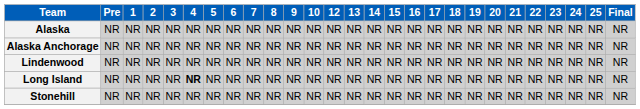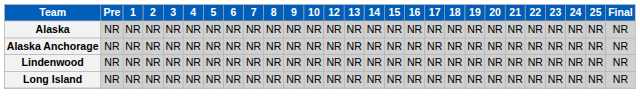 <table class="wikitable sortable" style="text-align: center;">
 <tr>
 <th style="color:white; background:#005EB8">Team</th>
 <th style="color:white; background:#005EB8">Pre</th>
 <th style="color:white; background:#005EB8">1</th>
 <th style="color:white; background:#005EB8">2</th>
 <th style="color:white; background:#005EB8">3</th>
 <th style="color:white; background:#005EB8">4</th>
 <th style="color:white; background:#005EB8">5</th>
 <th style="color:white; background:#005EB8">6</th>
 <th style="color:white; background:#005EB8">7</th>
 <th style="color:white; background:#005EB8">8</th>
 <th style="color:white; background:#005EB8">9</th>
 <th style="color:white; background:#005EB8">10</th>
 <th style="color:white; background:#005EB8">12</th>
 <th style="color:white; background:#005EB8">13</th>
 <th style="color:white; background:#005EB8">14</th>
 <th style="color:white; background:#005EB8">15</th>
 <th style="color:white; background:#005EB8">16</th>
 <th style="color:white; background:#005EB8">17</th>
 <th style="color:white; background:#005EB8">18</th>
 <th style="color:white; background:#005EB8">19</th>
 <th style="color:white; background:#005EB8">20</th>
 <th style="color:white; background:#005EB8">21</th>
 <th style="color:white; background:#005EB8">22</th>
 <th style="color:white; background:#005EB8">23</th>
 <th style="color:white; background:#005EB8">24</th>
 <th style="color:white; background:#005EB8">25</th>
 <th style="color:white; background:#005EB8">Final</th>
 </tr>
 <tr bgcolor=d0d0d0>
 <th>Alaska</th>
 <td>NR</td>
 <td>NR</td>
 <td>NR</td>
 <td>NR</td>
 <td>NR</td>
 <td>NR</td>
 <td>NR</td>
 <td>NR</td>
 <td>NR</td>
 <td>NR</td>
 <td>NR</td>
 <td>NR</td>
 <td>NR</td>
 <td>NR</td>
 <td>NR</td>
 <td>NR</td>
 <td>NR</td>
 <td>NR</td>
 <td>NR</td>
 <td>NR</td>
 <td>NR</td>
 <td>NR</td>
 <td>NR</td>
 <td>NR</td>
 <td>NR</td>
 <td>NR</td>
 </tr>
 <tr bgcolor=d0d0d0>
 <th>Alaska Anchorage</th>
 <td>NR</td>
 <td>NR</td>
 <td>NR</td>
 <td>NR</td>
 <td>NR</td>
 <td>NR</td>
 <td>NR</td>
 <td>NR</td>
 <td>NR</td>
 <td>NR</td>
 <td>NR</td>
 <td>NR</td>
 <td>NR</td>
 <td>NR</td>
 <td>NR</td>
 <td>NR</td>
 <td>NR</td>
 <td>NR</td>
 <td>NR</td>
 <td>NR</td>
 <td>NR</td>
 <td>NR</td>
 <td>NR</td>
 <td>NR</td>
 <td>NR</td>
 <td>NR</td>
 </tr>
 <tr bgcolor=d0d0d0>
 <th>Lindenwood</th>
 <td>NR</td>
 <td>NR</td>
 <td>NR</td>
 <td>NR</td>
 <td>NR</td>
 <td>NR</td>
 <td>NR</td>
 <td>NR</td>
 <td>NR</td>
 <td>NR</td>
 <td>NR</td>
 <td>NR</td>
 <td>NR</td>
 <td>NR</td>
 <td>NR</td>
 <td>NR</td>
 <td>NR</td>
 <td>NR</td>
 <td>NR</td>
 <td>NR</td>
 <td>NR</td>
 <td>NR</td>
 <td>NR</td>
 <td>NR</td>
 <td>NR</td>
 <td>NR</td>
 </tr>
 <tr bgcolor=d0d0d0>
 <th>Long Island</th>
 <td>NR</td>
 <td>NR</td>
 <td>NR</td>
 <td>NR</td>
-<td><strong>NR</strong></td>
-<td>NR</td>
-<td>NR</td>
-<td>NR</td>
-<td>NR</td>
-<td>NR</td>
-<td>NR</td>
-<td>NR</td>
-<td>NR</td>
-<td>NR</td>
-<td>NR</td>
-<td>NR</td>
-<td>NR</td>
-<td>NR</td>
-<td>NR</td>
-<td>NR</td>
-<td>NR</td>
-<td>NR</td>
-<td>NR</td>
-<td>NR</td>
-<td>NR</td>
-<td>NR</td>
-</tr>
-<tr bgcolor=d0d0d0>
-<th>Stonehill</th>
-<td>NR</td>
-<td>NR</td>
-<td>NR</td>
-<td>NR</td>
 <td>NR</td>
 <td>NR</td>
 <td>NR</td>
 <td>NR</td>
 <td>NR</td>
 <td>NR</td>
 <td>NR</td>
 <td>NR</td>
 <td>NR</td>
 <td>NR</td>
 <td>NR</td>
 <td>NR</td>
 <td>NR</td>
 <td>NR</td>
 <td>NR</td>
 <td>NR</td>
 <td>NR</td>
 <td>NR</td>
 <td>NR</td>
 <td>NR</td>
 <td>NR</td>
 <td>NR</td>
 </tr>
 <tr>
 </tr>
 </table>
